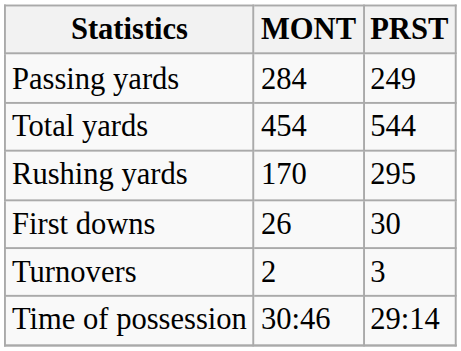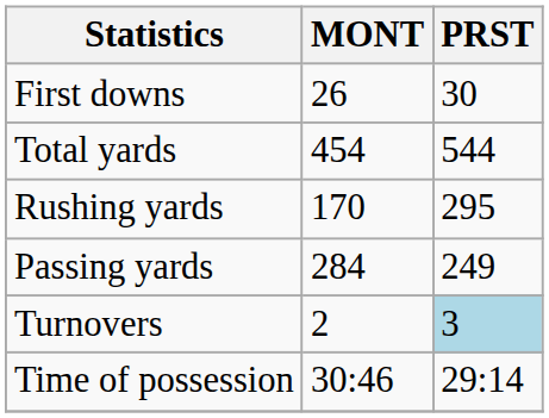 <table class="wikitable" style="float: left;">
 <tr>
 <th>Statistics</th>
 <th>MONT</th>
 <th>PRST</th>
 </tr>
 <tr>
-<td>Passing yards</td>
-<td>284</td>
-<td>249</td>
+<td>First downs</td>
+<td>26</td>
+<td>30</td>
 </tr>
 <tr>
 <td>Total yards</td>
 <td>454</td>
 <td>544</td>
 </tr>
 <tr>
 <td>Rushing yards</td>
 <td>170</td>
 <td>295</td>
 </tr>
 <tr>
-<td>First downs</td>
-<td>26</td>
-<td>30</td>
+<td>Passing yards</td>
+<td>284</td>
+<td>249</td>
 </tr>
 <tr>
 <td>Turnovers</td>
 <td>2</td>
-<td>3</td>
+<td style="background: lightblue;">3</td>
 </tr>
 <tr>
 <td>Time of possession</td>
 <td>30:46</td>
 <td>29:14</td>
 </tr>
 <tr>
 </tr>
 </table>
